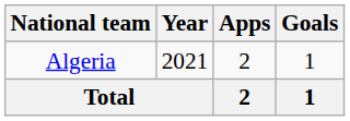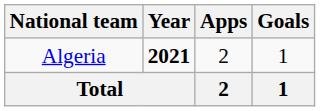 <table class="wikitable" style="text-align:center">
 <tr>
 <th>National team</th>
 <th>Year</th>
 <th>Apps</th>
 <th>Goals</th>
 </tr>
 <tr>
 <td rowspan="1"><a href='#'>Algeria</a></td>
-<td>2021</td>
+<td><strong>2021</strong></td>
 <td>2</td>
 <td>1</td>
 </tr>
 <tr>
 <th colspan="2">Total</th>
 <th>2</th>
 <th>1</th>
 </tr>
 </table>
